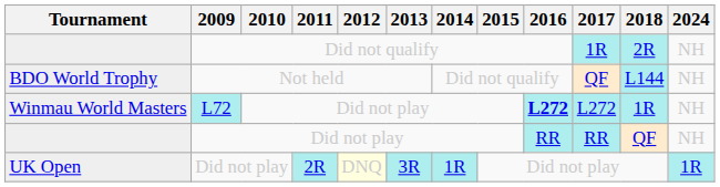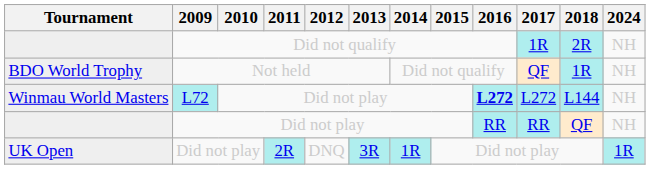 <table class="wikitable">
 <tr>
 <th>Tournament</th>
 <th>2009</th>
 <th>2010</th>
 <th>2011</th>
 <th>2012</th>
 <th>2013</th>
 <th>2014</th>
 <th>2015</th>
 <th>2016</th>
 <th>2017</th>
 <th>2018</th>
 <th>2024</th>
 </tr>
 <tr>
 <td style="background:#efefef;"></td>
 <td colspan="8" style="text-align:center; color:#ccc;">Did not qualify</td>
 <td style="text-align:center; background:#afeeee;"><a href='#'>1R</a></td>
 <td style="text-align:center; background:#afeeee;"><a href='#'>2R</a></td>
 <td colspan="4" style="text-align:center; color:#ccc;">NH</td>
 </tr>
 <tr>
 <td style="background:#efefef;"><a href='#'>BDO World Trophy</a></td>
 <td colspan="5" style="text-align:center; color:#ccc;">Not held</td>
 <td colspan="3" style="text-align:center; color:#ccc;">Did not qualify</td>
 <td style="text-align:center; background:#ffebcd;"><a href='#'>QF</a></td>
-<td style="text-align:center; background:#afeeee;"><a href='#'>L144</a></td>
+<td style="text-align:center; background:#afeeee;"><a href='#'>1R</a></td>
 <td colspan="4" style="text-align:center; color:#ccc;">NH</td>
 </tr>
 <tr>
 <td style="background:#efefef;"><a href='#'>Winmau World Masters</a></td>
 <td style="text-align:center; background:#afeeee;"><a href='#'>L72</a></td>
 <td colspan="6" style="text-align:center; color:#ccc;">Did not play</td>
 <td style="text-align:center; background:#afeeee;"><strong><a href='#'>L272</a></strong></td>
 <td style="text-align:center; background:#afeeee;"><a href='#'>L272</a></td>
-<td style="text-align:center; background:#afeeee;"><a href='#'>1R</a></td>
+<td style="text-align:center; background:#afeeee;"><a href='#'>L144</a></td>
 <td colspan="4" style="text-align:center; color:#ccc;">NH</td>
 </tr>
 <tr>
 <td style="background:#efefef;"></td>
 <td colspan="7" style="text-align:center; color:#ccc;">Did not play</td>
 <td style="text-align:center; background:#afeeee;"><a href='#'>RR</a></td>
 <td style="text-align:center; background:#afeeee;"><a href='#'>RR</a></td>
 <td style="text-align:center; background:#ffebcd;"><a href='#'>QF</a></td>
 <td colspan="4" style="text-align:center; color:#ccc;">NH</td>
 </tr>
 <tr>
 <td style="background:#efefef;"><a href='#'>UK Open</a></td>
 <td colspan="2" style="text-align:center; color:#ccc;">Did not play</td>
 <td style="text-align:center; background:#afeeee;"><a href='#'>2R</a></td>
-<td colspan="1" style="background: lightyellow; text-align:center; color:#ccc;">DNQ</td>
+<td colspan="1" style="text-align:center; color:#ccc;">DNQ</td>
 <td style="text-align:center; background:#afeeee;"><a href='#'>3R</a></td>
 <td style="text-align:center; background:#afeeee;"><a href='#'>1R</a></td>
 <td colspan="4" style="text-align:center; color:#ccc;">Did not play</td>
 <td style="text-align:center; background:#afeeee;"><a href='#'>1R</a></td>
 </tr>
 </table>
